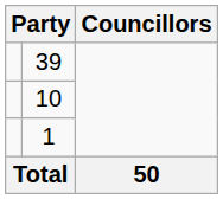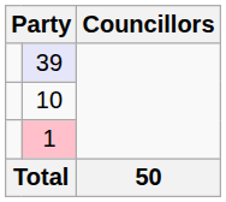 <table class="wikitable">
 <tr>
 <th colspan=2>Party</th>
 <th>Councillors</th>
 </tr>
 <tr>
 <td></td>
-<td align=center>39</td>
+<td align=center style="background: lavender;">39</td>
 </tr>
 <tr>
 <td></td>
 <td align=center>10</td>
 </tr>
 <tr>
 <td></td>
-<td align=center>1</td>
+<td align=center style="background: pink;">1</td>
 </tr>
 <tr>
 <th colspan=2>Total</th>
 <th>50</th>
 </tr>
 </table>
